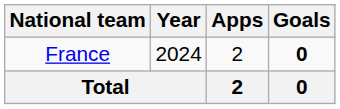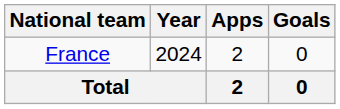 <table class="wikitable" style="text-align:center">
 <tr>
 <th>National team</th>
 <th>Year</th>
 <th>Apps</th>
 <th>Goals</th>
 </tr>
 <tr>
 <td rowspan="1"><a href='#'>France</a></td>
 <td>2024</td>
 <td>2</td>
-<td><strong>0</strong></td>
+<td>0</td>
 </tr>
 <tr>
 <th colspan="2">Total</th>
 <th>2</th>
 <th>0</th>
 </tr>
 </table>
